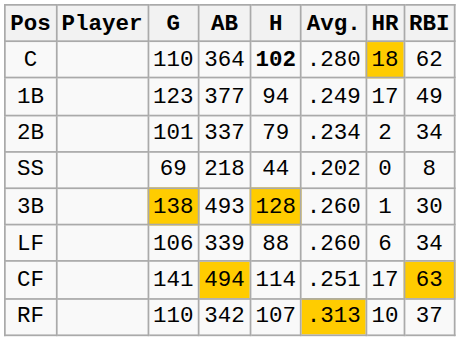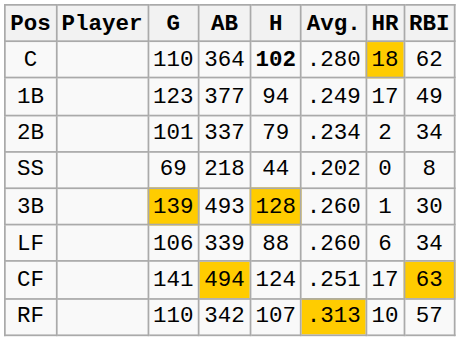 <table class="wikitable sortable">
 <tr>
 <th>Pos</th>
 <th>Player</th>
 <th>G</th>
 <th>AB</th>
 <th>H</th>
 <th>Avg.</th>
 <th>HR</th>
 <th>RBI</th>
 </tr>
 <tr align="center">
 <td>C</td>
 <td></td>
 <td>110</td>
 <td>364</td>
 <td><strong>102</strong></td>
 <td>.280</td>
 <td style="background:#fc0;">18</td>
 <td>62</td>
 </tr>
 <tr align="center">
 <td>1B</td>
 <td></td>
 <td>123</td>
 <td>377</td>
 <td>94</td>
 <td>.249</td>
 <td>17</td>
 <td>49</td>
 </tr>
 <tr align="center">
 <td>2B</td>
 <td></td>
 <td>101</td>
 <td>337</td>
 <td>79</td>
 <td>.234</td>
 <td>2</td>
 <td>34</td>
 </tr>
 <tr align="center">
 <td>SS</td>
 <td></td>
 <td>69</td>
 <td>218</td>
 <td>44</td>
 <td>.202</td>
 <td>0</td>
 <td>8</td>
 </tr>
 <tr align="center">
 <td>3B</td>
 <td></td>
-<td style="background:#fc0;">138</td>
+<td style="background:#fc0;">139</td>
 <td>493</td>
 <td style="background:#fc0;">128</td>
 <td>.260</td>
 <td>1</td>
 <td>30</td>
 </tr>
 <tr align="center">
 <td>LF</td>
 <td></td>
 <td>106</td>
 <td>339</td>
 <td>88</td>
 <td>.260</td>
 <td>6</td>
 <td>34</td>
 </tr>
 <tr align="center">
 <td>CF</td>
 <td></td>
 <td>141</td>
 <td style="background:#fc0;">494</td>
-<td>114</td>
+<td>124</td>
 <td>.251</td>
 <td>17</td>
 <td style="background:#fc0;">63</td>
 </tr>
 <tr align="center">
 <td>RF</td>
 <td></td>
 <td>110</td>
 <td>342</td>
 <td>107</td>
 <td style="background:#fc0;">.313</td>
 <td>10</td>
-<td>37</td>
+<td>57</td>
 </tr>
 </table>
